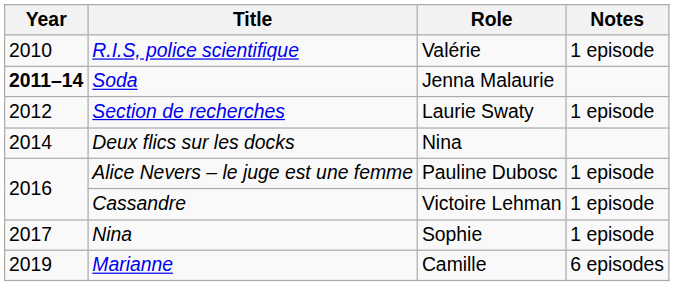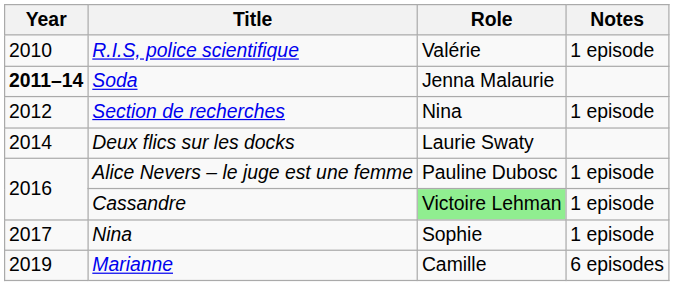 <table class="wikitable sortable">
 <tr>
 <th>Year</th>
 <th>Title</th>
 <th>Role</th>
 <th class="unsortable">Notes</th>
 </tr>
 <tr>
 <td>2010</td>
 <td><em><a href='#'>R.I.S, police scientifique</a></em></td>
 <td>Valérie</td>
 <td>1 episode</td>
 </tr>
 <tr>
 <td><strong>2011–14</strong></td>
 <td><em><a href='#'>Soda</a></em></td>
 <td>Jenna Malaurie</td>
 <td></td>
 </tr>
 <tr>
 <td>2012</td>
 <td><em><a href='#'>Section de recherches</a></em></td>
-<td>Laurie Swaty</td>
+<td>Nina</td>
 <td>1 episode</td>
 </tr>
 <tr>
 <td>2014</td>
 <td><em>Deux flics sur les docks</em></td>
-<td>Nina</td>
+<td>Laurie Swaty</td>
 <td></td>
 </tr>
 <tr>
 <td rowspan=2>2016</td>
 <td><em>Alice Nevers – le juge est une femme</em></td>
 <td>Pauline Dubosc</td>
 <td>1 episode</td>
 </tr>
 <tr>
 <td><em>Cassandre</em></td>
-<td>Victoire Lehman</td>
+<td style="background: lightgreen;">Victoire Lehman</td>
 <td>1 episode</td>
 </tr>
 <tr>
 <td>2017</td>
 <td><em>Nina</em></td>
 <td>Sophie</td>
 <td>1 episode</td>
 </tr>
 <tr>
 <td>2019</td>
 <td><em><a href='#'>Marianne</a></em></td>
 <td>Camille</td>
 <td>6 episodes</td>
 </tr>
 </table>
